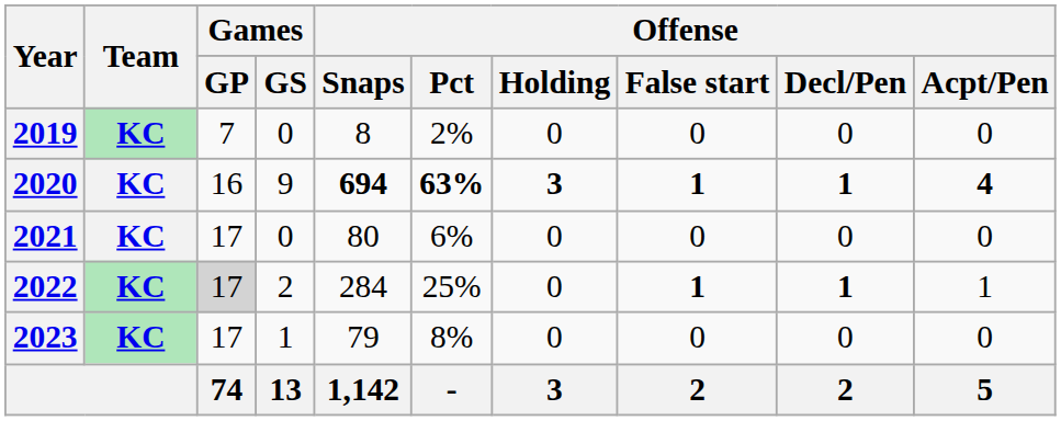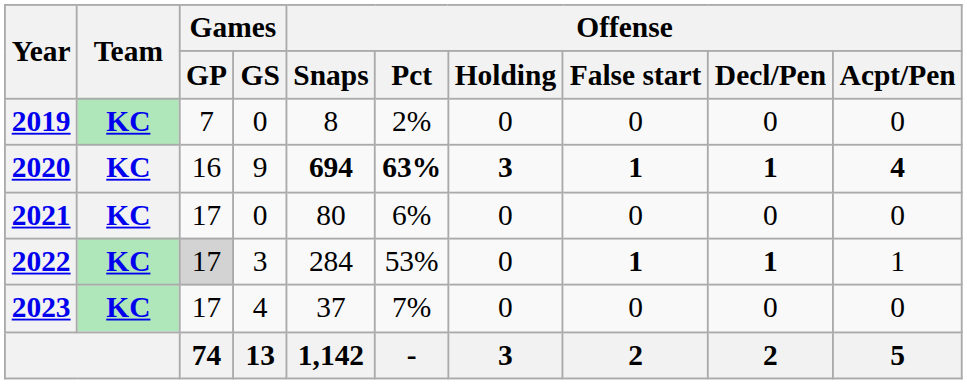 <table class="wikitable" style="text-align:center;">
 <tr>
 <th rowspan="2">Year</th>
 <th rowspan="2">Team</th>
 <th colspan="2">Games</th>
 <th colspan="8">Offense</th>
 </tr>
 <tr>
 <th>GP</th>
 <th>GS</th>
 <th>Snaps</th>
 <th>Pct</th>
 <th>Holding</th>
 <th>False start</th>
 <th>Decl/Pen</th>
 <th>Acpt/Pen</th>
 </tr>
 <tr>
 <th><a href='#'>2019</a></th>
 <th style="background:#afe6ba; width:3em;"><a href='#'>KC</a></th>
 <td>7</td>
 <td>0</td>
 <td>8</td>
 <td>2%</td>
 <td>0</td>
 <td>0</td>
 <td>0</td>
 <td>0</td>
 </tr>
 <tr>
 <th><a href='#'>2020</a></th>
 <th><a href='#'>KC</a></th>
 <td>16</td>
 <td>9</td>
 <td><strong>694</strong></td>
 <td><strong>63%</strong></td>
 <td><strong>3</strong></td>
 <td><strong>1</strong></td>
 <td><strong>1</strong></td>
 <td><strong>4</strong></td>
 </tr>
 <tr>
 <th><a href='#'>2021</a></th>
 <th><a href='#'>KC</a></th>
 <td>17</td>
 <td>0</td>
 <td>80</td>
 <td>6%</td>
 <td>0</td>
 <td>0</td>
 <td>0</td>
 <td>0</td>
 </tr>
 <tr>
 <th><a href='#'>2022</a></th>
 <th style="background:#afe6ba; width:3em;"><a href='#'>KC</a></th>
 <td style="background: lightgrey;">17</td>
-<td>2</td>
+<td>3</td>
 <td>284</td>
-<td>25%</td>
+<td>53%</td>
 <td>0</td>
 <td><strong>1</strong></td>
 <td><strong>1</strong></td>
 <td>1</td>
 </tr>
 <tr>
 <th><a href='#'>2023</a></th>
 <th style="background:#afe6ba; width:3em;"><a href='#'>KC</a></th>
 <td>17</td>
-<td>1</td>
-<td>79</td>
-<td>8%</td>
+<td>4</td>
+<td>37</td>
+<td>7%</td>
 <td>0</td>
 <td>0</td>
 <td>0</td>
 <td>0</td>
 </tr>
 <tr>
 <th colspan="2"></th>
 <th>74</th>
 <th>13</th>
 <th>1,142</th>
 <th>-</th>
 <th>3</th>
 <th>2</th>
 <th>2</th>
 <th>5</th>
 </tr>
 </table>
